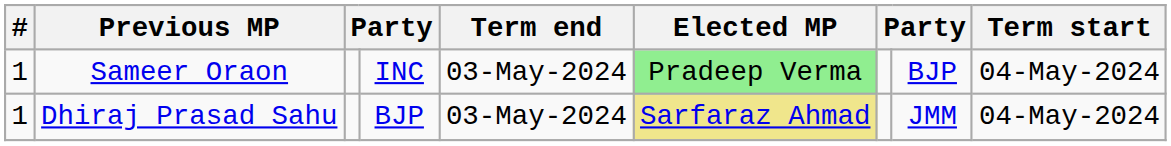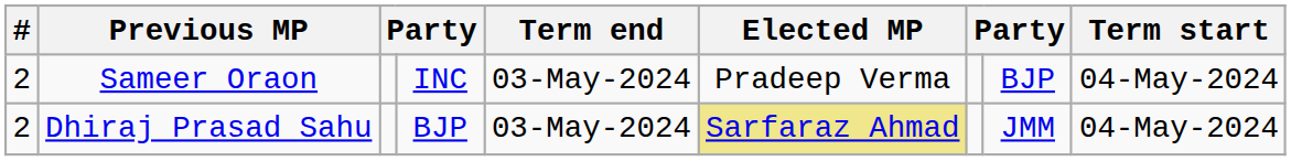 <table class="wikitable" style="text-align:center;">
 <tr>
 <th>#</th>
 <th>Previous MP</th>
 <th colspan="2">Party</th>
 <th>Term end</th>
 <th>Elected MP</th>
 <th colspan="2">Party</th>
 <th>Term start</th>
 </tr>
 <tr>
-<td>1</td>
+<td>2</td>
 <td><a href='#'>Sameer Oraon</a></td>
 <td width="1px"></td>
 <td><a href='#'>INC</a></td>
 <td>03-May-2024</td>
-<td style="background: lightgreen;">Pradeep Verma</td>
+<td>Pradeep Verma</td>
 <td width="1px"></td>
 <td><a href='#'>BJP</a></td>
 <td>04-May-2024</td>
 </tr>
 <tr>
-<td>1</td>
+<td>2</td>
 <td><a href='#'>Dhiraj Prasad Sahu</a></td>
 <td width="1px"></td>
 <td><a href='#'>BJP</a></td>
 <td>03-May-2024</td>
 <td style="background: khaki;"><a href='#'>Sarfaraz Ahmad</a></td>
 <td width="1px"></td>
 <td><a href='#'>JMM</a></td>
 <td>04-May-2024</td>
 </tr>
 </table>
